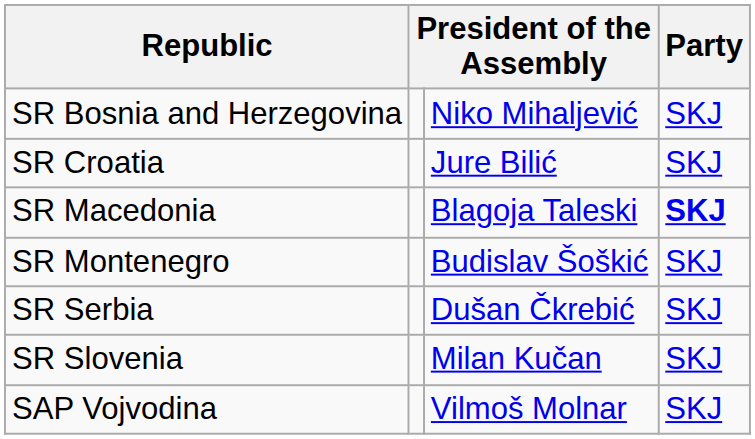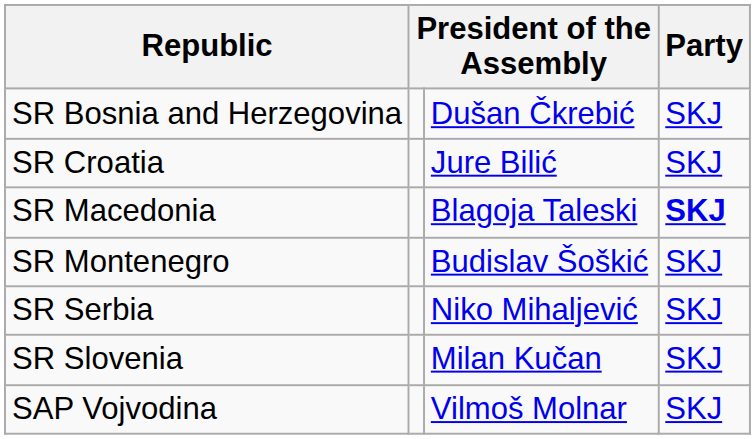 <table class="wikitable">
 <tr>
 <th style="text-align: center;">Republic</th>
 <th colspan="2" style="text-align: center;">President of the<br>Assembly</th>
 <th style="text-align: center;">Party</th>
 </tr>
 <tr>
 <td>SR Bosnia and Herzegovina</td>
 <td style="background:"></td>
-<td><a href='#'>Niko Mihaljević</a></td>
+<td><a href='#'>Dušan Čkrebić</a></td>
 <td><a href='#'>SKJ</a></td>
 </tr>
 <tr>
 <td>SR Croatia</td>
 <td style="background:"></td>
 <td><a href='#'>Jure Bilić</a></td>
 <td><a href='#'>SKJ</a></td>
 </tr>
 <tr>
 <td>SR Macedonia</td>
 <td style="background:"></td>
 <td><a href='#'>Blagoja Taleski</a></td>
 <td><strong><a href='#'>SKJ</a></strong></td>
 </tr>
 <tr>
 <td>SR Montenegro</td>
 <td style="background:"></td>
 <td><a href='#'>Budislav Šoškić</a></td>
 <td><a href='#'>SKJ</a></td>
 </tr>
 <tr>
 <td>SR Serbia</td>
 <td style="background:"></td>
-<td><a href='#'>Dušan Čkrebić</a></td>
+<td><a href='#'>Niko Mihaljević</a></td>
 <td><a href='#'>SKJ</a></td>
 </tr>
 <tr>
 <td>SR Slovenia</td>
 <td style="background:"></td>
 <td><a href='#'>Milan Kučan</a></td>
 <td><a href='#'>SKJ</a></td>
 </tr>
 <tr>
 <td>SAP Vojvodina</td>
 <td style="background:"></td>
 <td><a href='#'>Vilmoš Molnar</a></td>
 <td><a href='#'>SKJ</a></td>
 </tr>
 </table>
